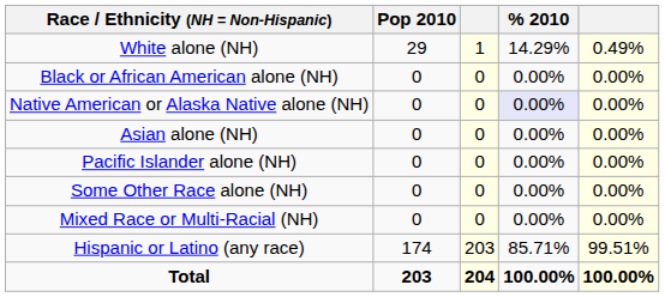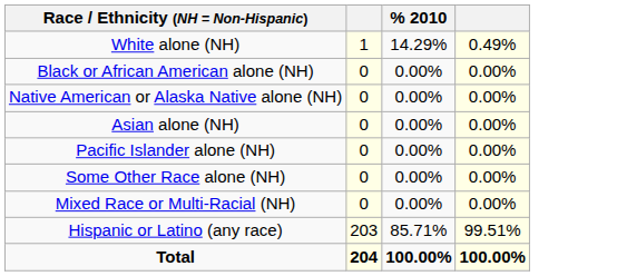 <table class="wikitable" style="text-align:center;">
 <tr>
 <th>Race / Ethnicity <small>(<em>NH = Non-Hispanic</em>)</small></th>
-<th>Pop 2010</th>
 <th></th>
 <th>% 2010</th>
 <th></th>
 </tr>
 <tr>
 <td><a href='#'>White</a> alone (NH)</td>
-<td>29</td>
 <td style='background: #ffffe6;'>1</td>
 <td>14.29%</td>
 <td style='background: #ffffe6;'>0.49%</td>
 </tr>
 <tr>
 <td><a href='#'>Black or African American</a> alone (NH)</td>
-<td>0</td>
 <td style='background: #ffffe6;'>0</td>
 <td>0.00%</td>
 <td style='background: #ffffe6;'>0.00%</td>
 </tr>
 <tr>
 <td><a href='#'>Native American</a> or <a href='#'>Alaska Native</a> alone (NH)</td>
-<td>0</td>
 <td style='background: #ffffe6;'>0</td>
-<td style="background: lavender;">0.00%</td>
+<td>0.00%</td>
 <td style='background: #ffffe6;'>0.00%</td>
 </tr>
 <tr>
 <td><a href='#'>Asian</a> alone (NH)</td>
-<td>0</td>
 <td style='background: #ffffe6;'>0</td>
 <td>0.00%</td>
 <td style='background: #ffffe6;'>0.00%</td>
 </tr>
 <tr>
 <td><a href='#'>Pacific Islander</a> alone (NH)</td>
-<td>0</td>
 <td style='background: #ffffe6;'>0</td>
 <td>0.00%</td>
 <td style='background: #ffffe6;'>0.00%</td>
 </tr>
 <tr>
 <td><a href='#'>Some Other Race</a> alone (NH)</td>
-<td>0</td>
 <td style='background: #ffffe6;'>0</td>
 <td>0.00%</td>
 <td style='background: #ffffe6;'>0.00%</td>
 </tr>
 <tr>
 <td><a href='#'>Mixed Race or Multi-Racial</a> (NH)</td>
-<td>0</td>
 <td style='background: #ffffe6;'>0</td>
 <td>0.00%</td>
 <td style='background: #ffffe6;'>0.00%</td>
 </tr>
 <tr>
 <td><a href='#'>Hispanic or Latino</a> (any race)</td>
-<td>174</td>
 <td style='background: #ffffe6;'>203</td>
 <td>85.71%</td>
 <td style='background: #ffffe6;'>99.51%</td>
 </tr>
 <tr>
 <td><strong>Total</strong></td>
-<td><strong>203</strong></td>
 <td style='background: #ffffe6;'><strong>204</strong></td>
 <td><strong>100.00%</strong></td>
 <td style='background: #ffffe6;'><strong>100.00%</strong></td>
 </tr>
 </table>
